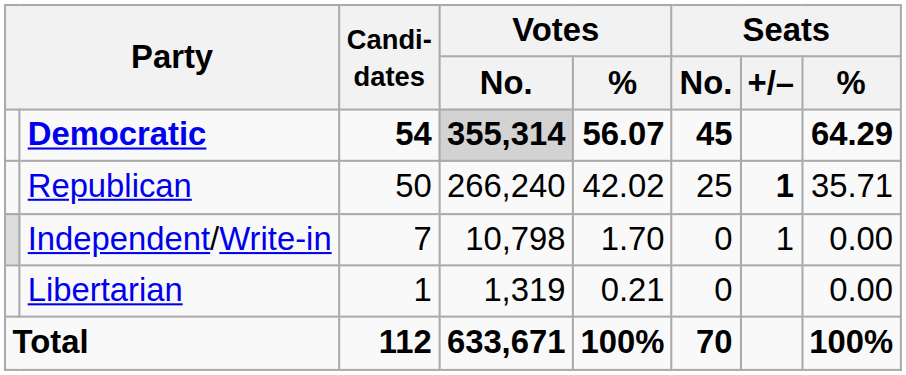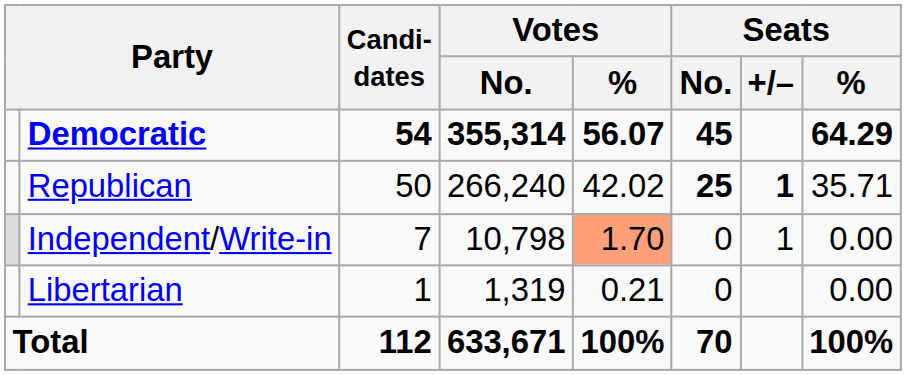 <table class="wikitable" style="font-size:100%; text-align:right;">
 <tr>
 <th colspan=2 rowspan=2>Party</th>
 <th rowspan=2><small>Candi-<br>dates</small></th>
 <th colspan=2>Votes</th>
 <th colspan=3>Seats</th>
 </tr>
 <tr>
 <th>No.</th>
 <th>%</th>
 <th>No.</th>
 <th>+/–</th>
 <th>%</th>
 </tr>
 <tr>
 <td style="background:"></td>
 <td align=left><strong><a href='#'>Democratic</a></strong></td>
 <td><strong>54</strong></td>
-<td style="background: lightgrey;"><strong>355,314</strong></td>
+<td><strong>355,314</strong></td>
 <td><strong>56.07</strong></td>
 <td><strong>45</strong></td>
 <td></td>
 <td><strong>64.29</strong></td>
 </tr>
 <tr>
 <td style="background:"></td>
 <td align=left><a href='#'>Republican</a></td>
 <td>50</td>
 <td>266,240</td>
 <td>42.02</td>
-<td>25</td>
+<td><strong>25</strong></td>
 <td><strong>1</strong></td>
 <td>35.71</td>
 </tr>
 <tr>
 <td style="background:#ddd;"></td>
 <td align=left><a href='#'>Independent</a>/<a href='#'>Write-in</a></td>
 <td>7</td>
 <td>10,798</td>
-<td>1.70</td>
+<td style="background: lightsalmon;">1.70</td>
 <td>0</td>
 <td>1</td>
 <td>0.00</td>
 </tr>
 <tr>
 <td style="background:"></td>
 <td align=left><a href='#'>Libertarian</a></td>
 <td>1</td>
 <td>1,319</td>
 <td>0.21</td>
 <td>0</td>
 <td></td>
 <td>0.00</td>
 </tr>
 <tr style="font-weight:bold">
 <td colspan=2 align=left>Total</td>
 <td>112</td>
 <td>633,671</td>
 <td>100%</td>
 <td>70</td>
 <td></td>
 <td>100%</td>
 </tr>
 </table>
